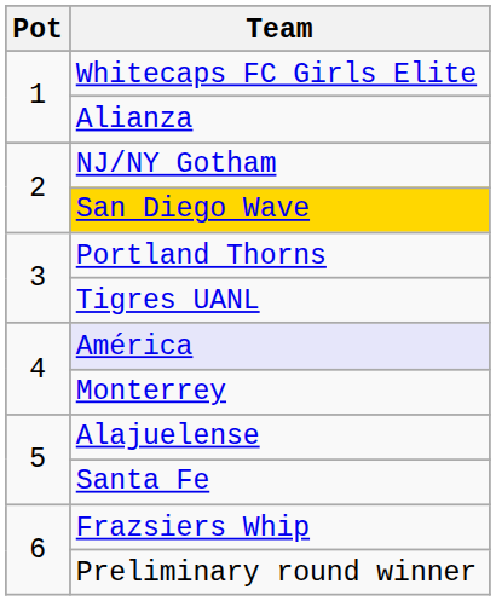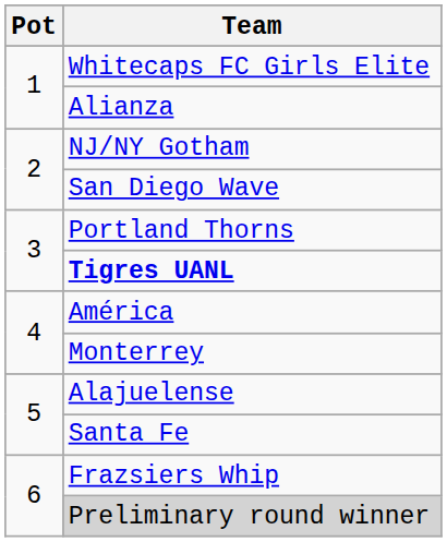 <table class="wikitable" style="text-align:center">
 <tr>
 <th>Pot</th>
 <th width="190">Team</th>
 </tr>
 <tr>
 <td rowspan="2">1</td>
 <td style="text-align:left"> <a href='#'>Whitecaps FC Girls Elite</a></td>
 </tr>
 <tr>
 <td style="text-align:left"> <a href='#'>Alianza</a></td>
 </tr>
 <tr>
 <td rowspan="2">2</td>
 <td style="text-align:left"> <a href='#'>NJ/NY Gotham</a></td>
 </tr>
 <tr>
-<td style="background: gold; text-align:left"> <a href='#'>San Diego Wave</a></td>
+<td style="text-align:left"> <a href='#'>San Diego Wave</a></td>
 </tr>
 <tr>
 <td rowspan="2">3</td>
 <td style="text-align:left"> <a href='#'>Portland Thorns</a></td>
 </tr>
 <tr>
-<td style="text-align:left"> <a href='#'>Tigres UANL</a></td>
+<td style="text-align:left"><strong> <a href='#'>Tigres UANL</a></strong></td>
 </tr>
 <tr>
 <td rowspan="2">4</td>
-<td style="background: lavender; text-align:left"> <a href='#'>América</a></td>
+<td style="text-align:left"> <a href='#'>América</a></td>
 </tr>
 <tr>
 <td style="text-align:left"> <a href='#'>Monterrey</a></td>
 </tr>
 <tr>
 <td rowspan="2">5</td>
 <td style="text-align:left"> <a href='#'>Alajuelense</a></td>
 </tr>
 <tr>
 <td style="text-align:left"> <a href='#'>Santa Fe</a></td>
 </tr>
 <tr>
 <td rowspan="2">6</td>
 <td style="text-align:left"> <a href='#'>Frazsiers Whip</a></td>
 </tr>
 <tr>
-<td style="text-align:left">Preliminary round winner</td>
+<td style="background: lightgrey; text-align:left">Preliminary round winner</td>
 </tr>
 </table>
